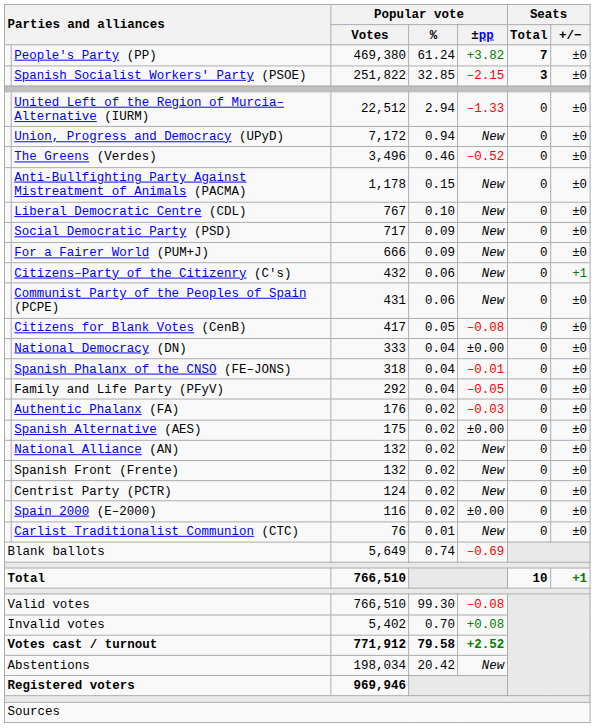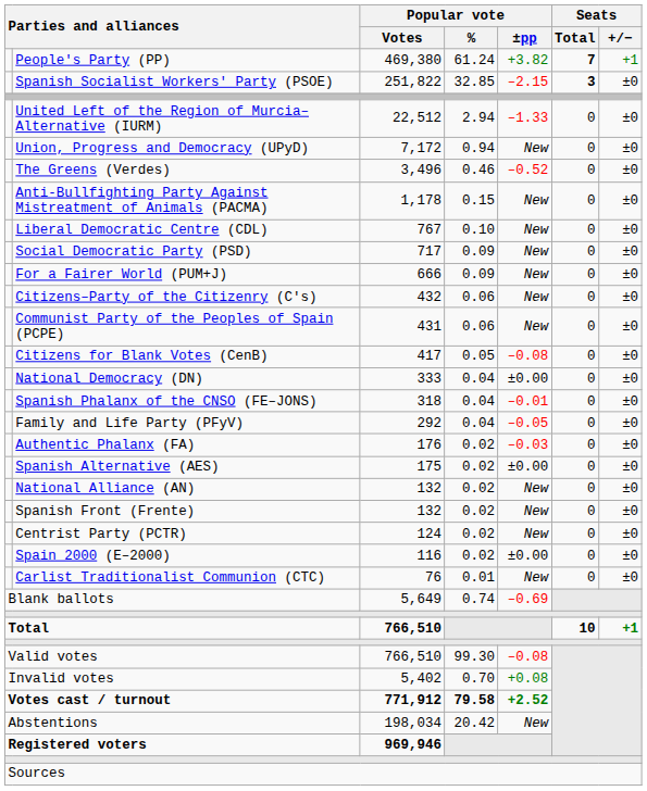 <table class="wikitable" style="text-align:right;">
 <tr>
 <th style="text-align:left;" rowspan="2" colspan="2" width="525">Parties and alliances</th>
 <th colspan="3">Popular vote</th>
 <th colspan="2">Seats</th>
 </tr>
 <tr>
 <th width="75">Votes</th>
 <th width="45">%</th>
 <th width="45">±<a href='#'>pp</a></th>
 <th width="35">Total</th>
 <th width="35">+/−</th>
 </tr>
 <tr>
 <td width="1" style="color:inherit;background:"></td>
 <td align="left"><a href='#'>People's Party</a> (PP)</td>
 <td>469,380</td>
 <td>61.24</td>
 <td style="color:green;">+3.82</td>
 <td><strong>7</strong></td>
-<td>±0</td>
+<td style="color:green;">+1</td>
 </tr>
 <tr>
 <td style="color:inherit;background:"></td>
 <td align="left"><a href='#'>Spanish Socialist Workers' Party</a> (PSOE)</td>
 <td>251,822</td>
 <td>32.85</td>
 <td style="color:red;">–2.15</td>
 <td><strong>3</strong></td>
 <td>±0</td>
 </tr>
 <tr>
 <td colspan="7" bgcolor="#C0C0C0"></td>
 </tr>
 <tr>
 <td style="color:inherit;background:"></td>
 <td align="left"><a href='#'>United Left of the Region of Murcia–Alternative</a> (IURM)</td>
 <td>22,512</td>
 <td>2.94</td>
 <td style="color:red;">–1.33</td>
 <td>0</td>
 <td>±0</td>
 </tr>
 <tr>
 <td style="color:inherit;background:"></td>
 <td align="left"><a href='#'>Union, Progress and Democracy</a> (UPyD)</td>
 <td>7,172</td>
 <td>0.94</td>
 <td><em>New</em></td>
 <td>0</td>
 <td>±0</td>
 </tr>
 <tr>
 <td style="color:inherit;background:"></td>
 <td align="left"><a href='#'>The Greens</a> (Verdes)</td>
 <td>3,496</td>
 <td>0.46</td>
 <td style="color:red;">–0.52</td>
 <td>0</td>
 <td>±0</td>
 </tr>
 <tr>
 <td style="color:inherit;background:"></td>
 <td align="left"><a href='#'>Anti-Bullfighting Party Against Mistreatment of Animals</a> (PACMA)</td>
 <td>1,178</td>
 <td>0.15</td>
 <td><em>New</em></td>
 <td>0</td>
 <td>±0</td>
 </tr>
 <tr>
 <td style="color:inherit;background:"></td>
 <td align="left"><a href='#'>Liberal Democratic Centre</a> (CDL)</td>
 <td>767</td>
 <td>0.10</td>
 <td><em>New</em></td>
 <td>0</td>
 <td>±0</td>
 </tr>
 <tr>
 <td style="color:inherit;background:"></td>
 <td align="left"><a href='#'>Social Democratic Party</a> (PSD)</td>
 <td>717</td>
 <td>0.09</td>
 <td><em>New</em></td>
 <td>0</td>
 <td>±0</td>
 </tr>
 <tr>
 <td style="color:inherit;background:"></td>
 <td align="left"><a href='#'>For a Fairer World</a> (PUM+J)</td>
 <td>666</td>
 <td>0.09</td>
 <td><em>New</em></td>
 <td>0</td>
 <td>±0</td>
 </tr>
 <tr>
 <td style="color:inherit;background:"></td>
 <td align="left"><a href='#'>Citizens–Party of the Citizenry</a> (C's)</td>
 <td>432</td>
 <td>0.06</td>
 <td><em>New</em></td>
 <td>0</td>
-<td style="color:green;">+1</td>
+<td>±0</td>
 </tr>
 <tr>
 <td style="color:inherit;background:"></td>
 <td align="left"><a href='#'>Communist Party of the Peoples of Spain</a> (PCPE)</td>
 <td>431</td>
 <td>0.06</td>
 <td><em>New</em></td>
 <td>0</td>
 <td>±0</td>
 </tr>
 <tr>
 <td style="color:inherit;background:"></td>
 <td align="left"><a href='#'>Citizens for Blank Votes</a> (CenB)</td>
 <td>417</td>
 <td>0.05</td>
 <td style="color:red;">–0.08</td>
 <td>0</td>
 <td>±0</td>
 </tr>
 <tr>
 <td style="color:inherit;background:"></td>
 <td align="left"><a href='#'>National Democracy</a> (DN)</td>
 <td>333</td>
 <td>0.04</td>
 <td>±0.00</td>
 <td>0</td>
 <td>±0</td>
 </tr>
 <tr>
 <td style="color:inherit;background:"></td>
 <td align="left"><a href='#'>Spanish Phalanx of the CNSO</a> (FE–JONS)</td>
 <td>318</td>
 <td>0.04</td>
 <td style="color:red;">–0.01</td>
 <td>0</td>
 <td>±0</td>
 </tr>
 <tr>
 <td style="color:inherit;background:"></td>
 <td align="left">Family and Life Party (PFyV)</td>
 <td>292</td>
 <td>0.04</td>
 <td style="color:red;">–0.05</td>
 <td>0</td>
 <td>±0</td>
 </tr>
 <tr>
 <td style="color:inherit;background:"></td>
 <td align="left"><a href='#'>Authentic Phalanx</a> (FA)</td>
 <td>176</td>
 <td>0.02</td>
 <td style="color:red;">–0.03</td>
 <td>0</td>
 <td>±0</td>
 </tr>
 <tr>
 <td style="color:inherit;background:"></td>
 <td align="left"><a href='#'>Spanish Alternative</a> (AES)</td>
 <td>175</td>
 <td>0.02</td>
 <td>±0.00</td>
 <td>0</td>
 <td>±0</td>
 </tr>
 <tr>
 <td style="color:inherit;background:"></td>
 <td align="left"><a href='#'>National Alliance</a> (AN)</td>
 <td>132</td>
 <td>0.02</td>
 <td><em>New</em></td>
 <td>0</td>
 <td>±0</td>
 </tr>
 <tr>
 <td style="color:inherit;background:"></td>
 <td align="left">Spanish Front (Frente)</td>
 <td>132</td>
 <td>0.02</td>
 <td><em>New</em></td>
 <td>0</td>
 <td>±0</td>
 </tr>
 <tr>
 <td style="color:inherit;background:"></td>
 <td align="left">Centrist Party (PCTR)</td>
 <td>124</td>
 <td>0.02</td>
 <td><em>New</em></td>
 <td>0</td>
 <td>±0</td>
 </tr>
 <tr>
 <td style="color:inherit;background:"></td>
 <td align="left"><a href='#'>Spain 2000</a> (E–2000)</td>
 <td>116</td>
 <td>0.02</td>
 <td>±0.00</td>
 <td>0</td>
 <td>±0</td>
 </tr>
 <tr>
 <td style="color:inherit;background:"></td>
 <td align="left"><a href='#'>Carlist Traditionalist Communion</a> (CTC)</td>
 <td>76</td>
 <td>0.01</td>
 <td><em>New</em></td>
 <td>0</td>
 <td>±0</td>
 </tr>
 <tr>
 <td align="left" colspan="2">Blank ballots</td>
 <td>5,649</td>
 <td>0.74</td>
 <td style="color:red;">–0.69</td>
 <td bgcolor="#E9E9E9" colspan="2"></td>
 </tr>
 <tr>
 <td colspan="7" bgcolor="#E9E9E9"></td>
 </tr>
 <tr style="font-weight:bold;">
 <td align="left" colspan="2">Total</td>
 <td>766,510</td>
 <td bgcolor="#E9E9E9" colspan="2"></td>
 <td>10</td>
 <td style="color:green;">+1</td>
 </tr>
 <tr>
 <td colspan="7" bgcolor="#E9E9E9"></td>
 </tr>
 <tr>
 <td align="left" colspan="2">Valid votes</td>
 <td>766,510</td>
 <td>99.30</td>
 <td style="color:red;">–0.08</td>
 <td bgcolor="#E9E9E9" colspan="2" rowspan="5"></td>
 </tr>
 <tr>
 <td align="left" colspan="2">Invalid votes</td>
 <td>5,402</td>
 <td>0.70</td>
 <td style="color:green;">+0.08</td>
 </tr>
 <tr style="font-weight:bold;">
 <td align="left" colspan="2">Votes cast / turnout</td>
 <td>771,912</td>
 <td>79.58</td>
 <td style="color:green;">+2.52</td>
 </tr>
 <tr>
 <td align="left" colspan="2">Abstentions</td>
 <td>198,034</td>
 <td>20.42</td>
 <td><em>New</em></td>
 </tr>
 <tr style="font-weight:bold;">
 <td align="left" colspan="2">Registered voters</td>
 <td>969,946</td>
 <td bgcolor="#E9E9E9" colspan="2"></td>
 </tr>
 <tr>
 <td colspan="7" bgcolor="#E9E9E9"></td>
 </tr>
 <tr>
 <td align="left" colspan="7">Sources</td>
 </tr>
 </table>
